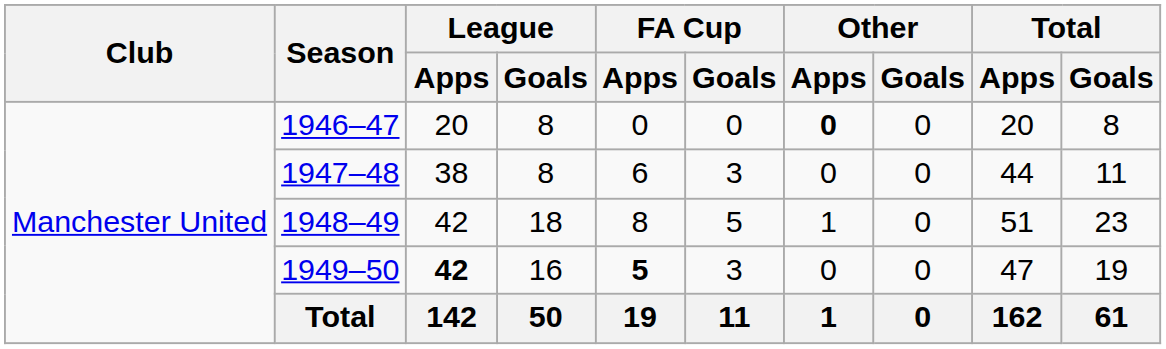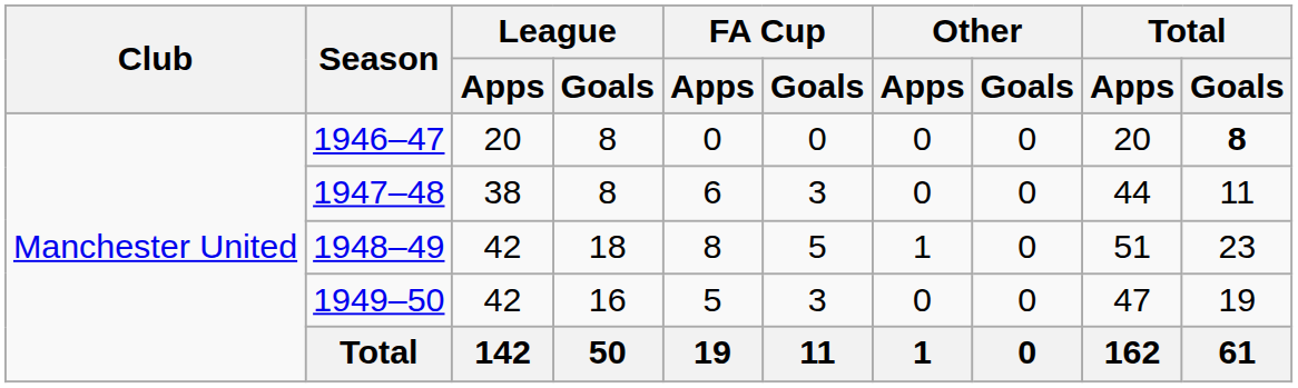 <table class="wikitable" style="text-align:center">
 <tr>
 <th rowspan="2">Club</th>
 <th rowspan="2">Season</th>
 <th colspan="2">League</th>
 <th colspan="2">FA Cup</th>
 <th colspan="2">Other</th>
 <th colspan="2">Total</th>
 </tr>
 <tr>
 <th>Apps</th>
 <th>Goals</th>
 <th>Apps</th>
 <th>Goals</th>
 <th>Apps</th>
 <th>Goals</th>
 <th>Apps</th>
 <th>Goals</th>
 </tr>
 <tr>
 <td rowspan="5"><a href='#'>Manchester United</a></td>
 <td><a href='#'>1946–47</a></td>
 <td>20</td>
 <td>8</td>
 <td>0</td>
 <td>0</td>
-<td><strong>0</strong></td>
+<td>0</td>
 <td>0</td>
 <td>20</td>
-<td>8</td>
+<td><strong>8</strong></td>
 </tr>
 <tr>
 <td><a href='#'>1947–48</a></td>
 <td>38</td>
 <td>8</td>
 <td>6</td>
 <td>3</td>
 <td>0</td>
 <td>0</td>
 <td>44</td>
 <td>11</td>
 </tr>
 <tr>
 <td><a href='#'>1948–49</a></td>
 <td>42</td>
 <td>18</td>
 <td>8</td>
 <td>5</td>
 <td>1</td>
 <td>0</td>
 <td>51</td>
 <td>23</td>
 </tr>
 <tr>
 <td><a href='#'>1949–50</a></td>
-<td><strong>42</strong></td>
+<td>42</td>
 <td>16</td>
-<td><strong>5</strong></td>
+<td>5</td>
 <td>3</td>
 <td>0</td>
 <td>0</td>
 <td>47</td>
 <td>19</td>
 </tr>
 <tr>
 <th>Total</th>
 <th>142</th>
 <th>50</th>
 <th>19</th>
 <th>11</th>
 <th>1</th>
 <th>0</th>
 <th>162</th>
 <th>61</th>
 </tr>
 </table>
